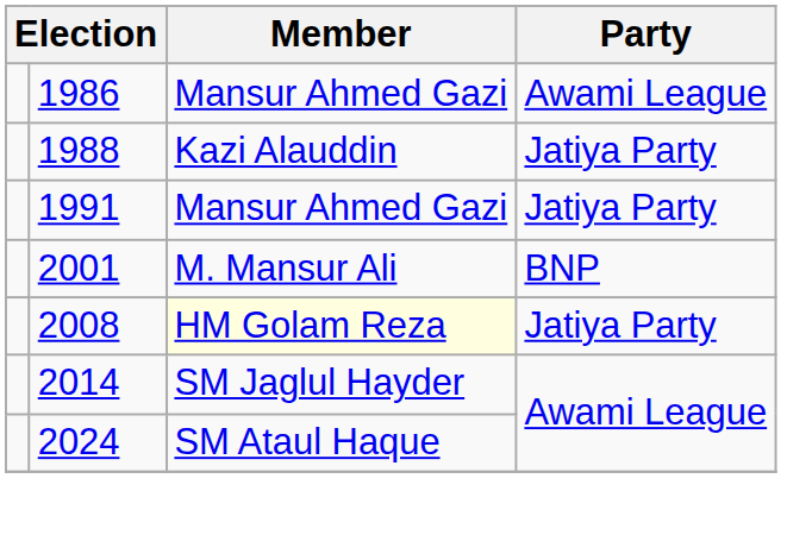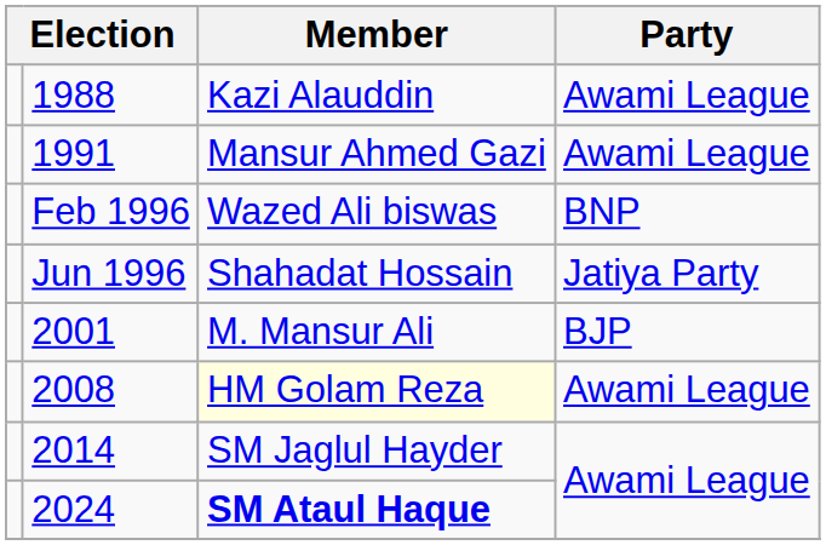 <table class="wikitable">
 <tr>
 <th colspan="2">Election</th>
 <th>Member</th>
 <th>Party</th>
 </tr>
 <tr>
 <td style="background-color:"></td>
-<td><a href='#'>1986</a></td>
+<td><a href='#'>1988</a></td>
+<td><a href='#'>Kazi Alauddin</a></td>
+<td><a href='#'>Awami League</a></td>
+</tr>
+<tr>
+<td style="background-color:"></td>
+<td><a href='#'>1991</a></td>
 <td><a href='#'>Mansur Ahmed Gazi</a></td>
 <td><a href='#'>Awami League</a></td>
 </tr>
 <tr>
 <td style="background-color:"></td>
-<td><a href='#'>1988</a></td>
-<td><a href='#'>Kazi Alauddin</a></td>
-<td><a href='#'>Jatiya Party</a></td>
+<td><a href='#'>Feb 1996</a></td>
+<td><a href='#'>Wazed Ali biswas</a></td>
+<td><a href='#'>BNP</a></td>
 </tr>
 <tr>
 <td style="background-color:"></td>
-<td><a href='#'>1991</a></td>
-<td><a href='#'>Mansur Ahmed Gazi</a></td>
+<td><a href='#'>Jun 1996</a></td>
+<td><a href='#'>Shahadat Hossain</a></td>
 <td><a href='#'>Jatiya Party</a></td>
 </tr>
 <tr>
 <td style="background-color:"></td>
 <td><a href='#'>2001</a></td>
 <td><a href='#'>M. Mansur Ali</a></td>
-<td><a href='#'>BNP</a></td>
+<td><a href='#'>BJP</a></td>
 </tr>
 <tr>
 <td style="background-color:"></td>
 <td><a href='#'>2008</a></td>
 <td style="background: lightyellow;"><a href='#'>HM Golam Reza</a></td>
-<td><a href='#'>Jatiya Party</a></td>
+<td><a href='#'>Awami League</a></td>
 </tr>
 <tr>
 <td style="background-color:"></td>
 <td><a href='#'>2014</a></td>
 <td><a href='#'>SM Jaglul Hayder</a></td>
 <td rowspan="2"><a href='#'>Awami League</a></td>
 </tr>
 <tr>
 <td style="background-color:"></td>
 <td><a href='#'>2024</a></td>
-<td><a href='#'>SM Ataul Haque</a></td>
+<td><strong><a href='#'>SM Ataul Haque</a></strong></td>
 </tr>
 <tr>
 </tr>
 </table>
